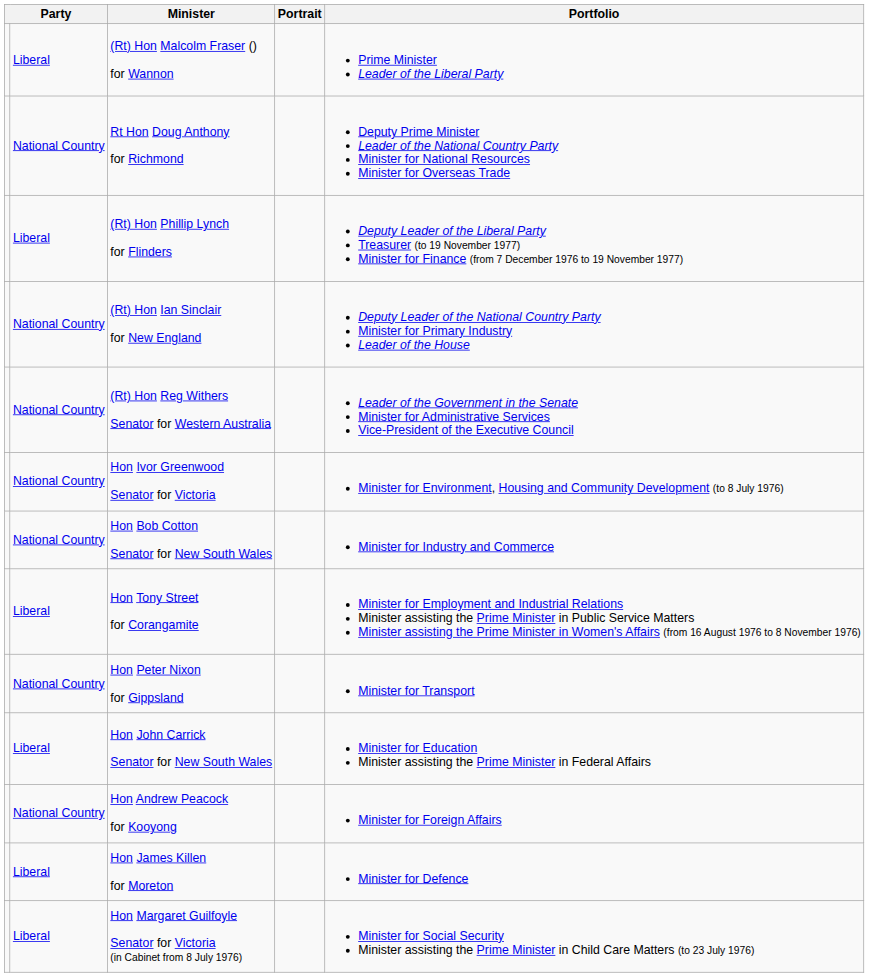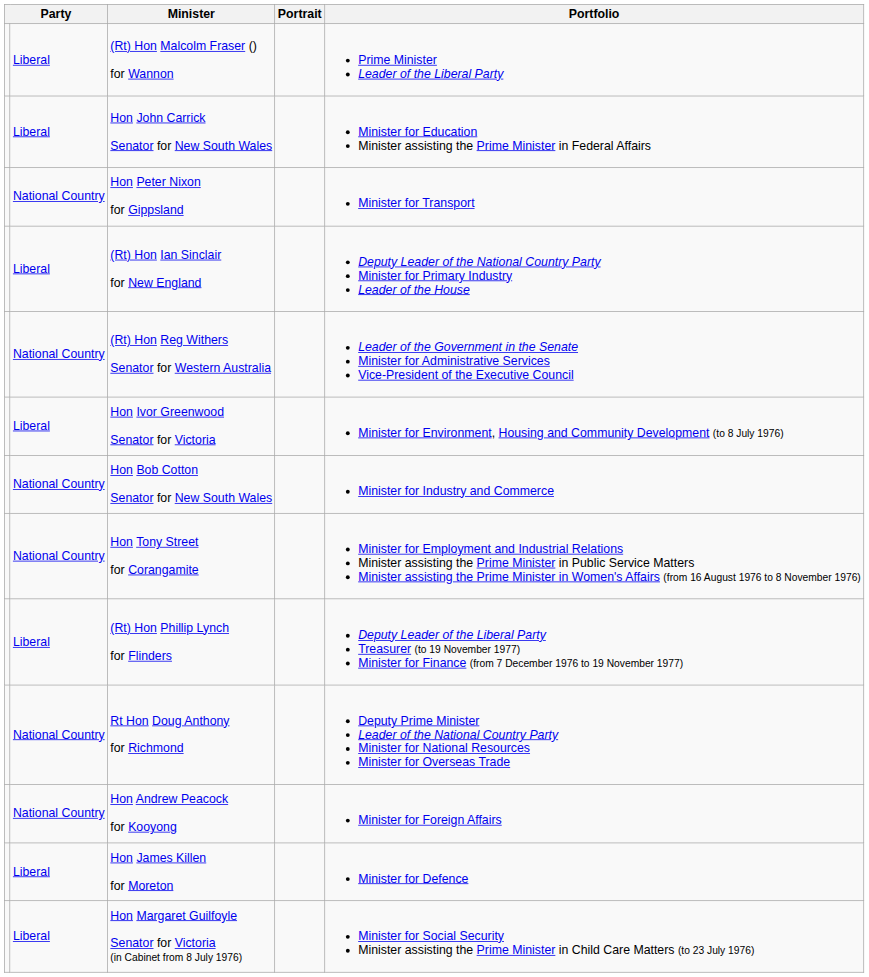 <table class="wikitable sortable">
 <tr>
 <th colspan="2">Party</th>
 <th>Minister</th>
 <th>Portrait</th>
 <th>Portfolio</th>
 </tr>
 <tr>
 <td></td>
 <td><a href='#'>Liberal</a></td>
 <td><a href='#'>(Rt) Hon</a> <a href='#'>Malcolm Fraser</a> () <br><br> for <a href='#'>Wannon</a> <br></td>
 <td></td>
 <td><br><ul><li><a href='#'>Prime Minister</a></li><li><em><a href='#'>Leader of the Liberal Party</a></em></li></ul></td>
 </tr>
 <tr>
 <td></td>
+<td><a href='#'>Liberal</a></td>
+<td><a href='#'>Hon</a> <a href='#'>John Carrick</a> <br><br><a href='#'>Senator</a> for <a href='#'>New South Wales</a> <br></td>
+<td></td>
+<td><br><ul><li><a href='#'>Minister for Education</a></li><li>Minister assisting the <a href='#'>Prime Minister</a> in Federal Affairs</li></ul></td>
+</tr>
+<tr>
+<td></td>
 <td><a href='#'>National Country</a></td>
-<td><a href='#'>Rt Hon</a> <a href='#'>Doug Anthony</a> <br><br> for <a href='#'>Richmond</a> <br></td>
+<td><a href='#'>Hon</a> <a href='#'>Peter Nixon</a> <br><br> for <a href='#'>Gippsland</a> <br></td>
 <td></td>
-<td><br><ul><li><a href='#'>Deputy Prime Minister</a></li><li><em><a href='#'>Leader of the National Country Party</a></em></li><li><a href='#'>Minister for National Resources</a></li><li><a href='#'>Minister for Overseas Trade</a></li></ul></td>
+<td><br><ul><li><a href='#'>Minister for Transport</a></li></ul></td>
 </tr>
 <tr>
 <td></td>
 <td><a href='#'>Liberal</a></td>
-<td><a href='#'>(Rt) Hon</a> <a href='#'>Phillip Lynch</a> <br><br> for <a href='#'>Flinders</a> <br></td>
-<td></td>
-<td><br><ul><li><em><a href='#'>Deputy Leader of the Liberal Party</a></em></li><li><a href='#'>Treasurer</a> <small>(to 19 November 1977)</small></li><li><a href='#'>Minister for Finance</a> <small>(from 7 December 1976 to 19 November 1977)</small></li></ul></td>
-</tr>
-<tr>
-<td></td>
-<td><a href='#'>National Country</a></td>
 <td><a href='#'>(Rt) Hon</a> <a href='#'>Ian Sinclair</a> <br><br> for <a href='#'>New England</a> <br></td>
 <td></td>
 <td><br><ul><li><em><a href='#'>Deputy Leader of the National Country Party</a></em></li><li><a href='#'>Minister for Primary Industry</a></li><li><em><a href='#'>Leader of the House</a></em></li></ul></td>
 </tr>
 <tr>
 <td></td>
 <td><a href='#'>National Country</a></td>
 <td><a href='#'>(Rt) Hon</a> <a href='#'>Reg Withers</a> <br><br><a href='#'>Senator</a> for <a href='#'>Western Australia</a> <br></td>
 <td></td>
 <td><br><ul><li><em><a href='#'>Leader of the Government in the Senate</a></em></li><li><a href='#'>Minister for Administrative Services</a></li><li><a href='#'>Vice-President of the Executive Council</a></li></ul></td>
 </tr>
 <tr>
 <td></td>
-<td><a href='#'>National Country</a></td>
+<td><a href='#'>Liberal</a></td>
 <td><a href='#'>Hon</a> <a href='#'>Ivor Greenwood</a>  <br><br><a href='#'>Senator</a> for <a href='#'>Victoria</a> <br></td>
 <td></td>
 <td><br><ul><li><a href='#'>Minister for Environment</a>, <a href='#'>Housing and Community Development</a> <small>(to 8 July 1976)</small></li></ul></td>
 </tr>
 <tr>
 <td></td>
 <td><a href='#'>National Country</a></td>
 <td><a href='#'>Hon</a> <a href='#'>Bob Cotton</a> <br><br><a href='#'>Senator</a> for <a href='#'>New South Wales</a> <br></td>
 <td></td>
 <td><br><ul><li><a href='#'>Minister for Industry and Commerce</a></li></ul></td>
 </tr>
 <tr>
 <td></td>
-<td><a href='#'>Liberal</a></td>
+<td><a href='#'>National Country</a></td>
 <td><a href='#'>Hon</a> <a href='#'>Tony Street</a> <br><br> for <a href='#'>Corangamite</a> <br></td>
 <td></td>
 <td><br><ul><li><a href='#'>Minister for Employment and Industrial Relations</a></li><li>Minister assisting the <a href='#'>Prime Minister</a> in Public Service Matters</li><li><a href='#'>Minister assisting the Prime Minister in Women's Affairs</a> <small>(from 16 August 1976 to 8 November 1976)</small></li></ul></td>
 </tr>
 <tr>
 <td></td>
-<td><a href='#'>National Country</a></td>
-<td><a href='#'>Hon</a> <a href='#'>Peter Nixon</a> <br><br> for <a href='#'>Gippsland</a> <br></td>
+<td><a href='#'>Liberal</a></td>
+<td><a href='#'>(Rt) Hon</a> <a href='#'>Phillip Lynch</a> <br><br> for <a href='#'>Flinders</a> <br></td>
 <td></td>
-<td><br><ul><li><a href='#'>Minister for Transport</a></li></ul></td>
+<td><br><ul><li><em><a href='#'>Deputy Leader of the Liberal Party</a></em></li><li><a href='#'>Treasurer</a> <small>(to 19 November 1977)</small></li><li><a href='#'>Minister for Finance</a> <small>(from 7 December 1976 to 19 November 1977)</small></li></ul></td>
 </tr>
 <tr>
 <td></td>
-<td><a href='#'>Liberal</a></td>
-<td><a href='#'>Hon</a> <a href='#'>John Carrick</a> <br><br><a href='#'>Senator</a> for <a href='#'>New South Wales</a> <br></td>
+<td><a href='#'>National Country</a></td>
+<td><a href='#'>Rt Hon</a> <a href='#'>Doug Anthony</a> <br><br> for <a href='#'>Richmond</a> <br></td>
 <td></td>
-<td><br><ul><li><a href='#'>Minister for Education</a></li><li>Minister assisting the <a href='#'>Prime Minister</a> in Federal Affairs</li></ul></td>
+<td><br><ul><li><a href='#'>Deputy Prime Minister</a></li><li><em><a href='#'>Leader of the National Country Party</a></em></li><li><a href='#'>Minister for National Resources</a></li><li><a href='#'>Minister for Overseas Trade</a></li></ul></td>
 </tr>
 <tr>
 <td></td>
 <td><a href='#'>National Country</a></td>
 <td><a href='#'>Hon</a> <a href='#'>Andrew Peacock</a> <br><br> for <a href='#'>Kooyong</a> <br></td>
 <td></td>
 <td><br><ul><li><a href='#'>Minister for Foreign Affairs</a></li></ul></td>
 </tr>
 <tr>
 <td></td>
 <td><a href='#'>Liberal</a></td>
 <td><a href='#'>Hon</a> <a href='#'>James Killen</a> <br><br> for <a href='#'>Moreton</a> <br></td>
 <td></td>
 <td><br><ul><li><a href='#'>Minister for Defence</a></li></ul></td>
 </tr>
 <tr>
 <td></td>
 <td><a href='#'>Liberal</a></td>
 <td><a href='#'>Hon</a> <a href='#'>Margaret Guilfoyle</a> <br><br><a href='#'>Senator</a> for <a href='#'>Victoria</a> <br> <small>(in Cabinet from 8 July 1976)</small></td>
 <td></td>
 <td><br><ul><li><a href='#'>Minister for Social Security</a></li><li>Minister assisting the <a href='#'>Prime Minister</a> in Child Care Matters <small>(to 23 July 1976)</small></li></ul></td>
 </tr>
 </table>
